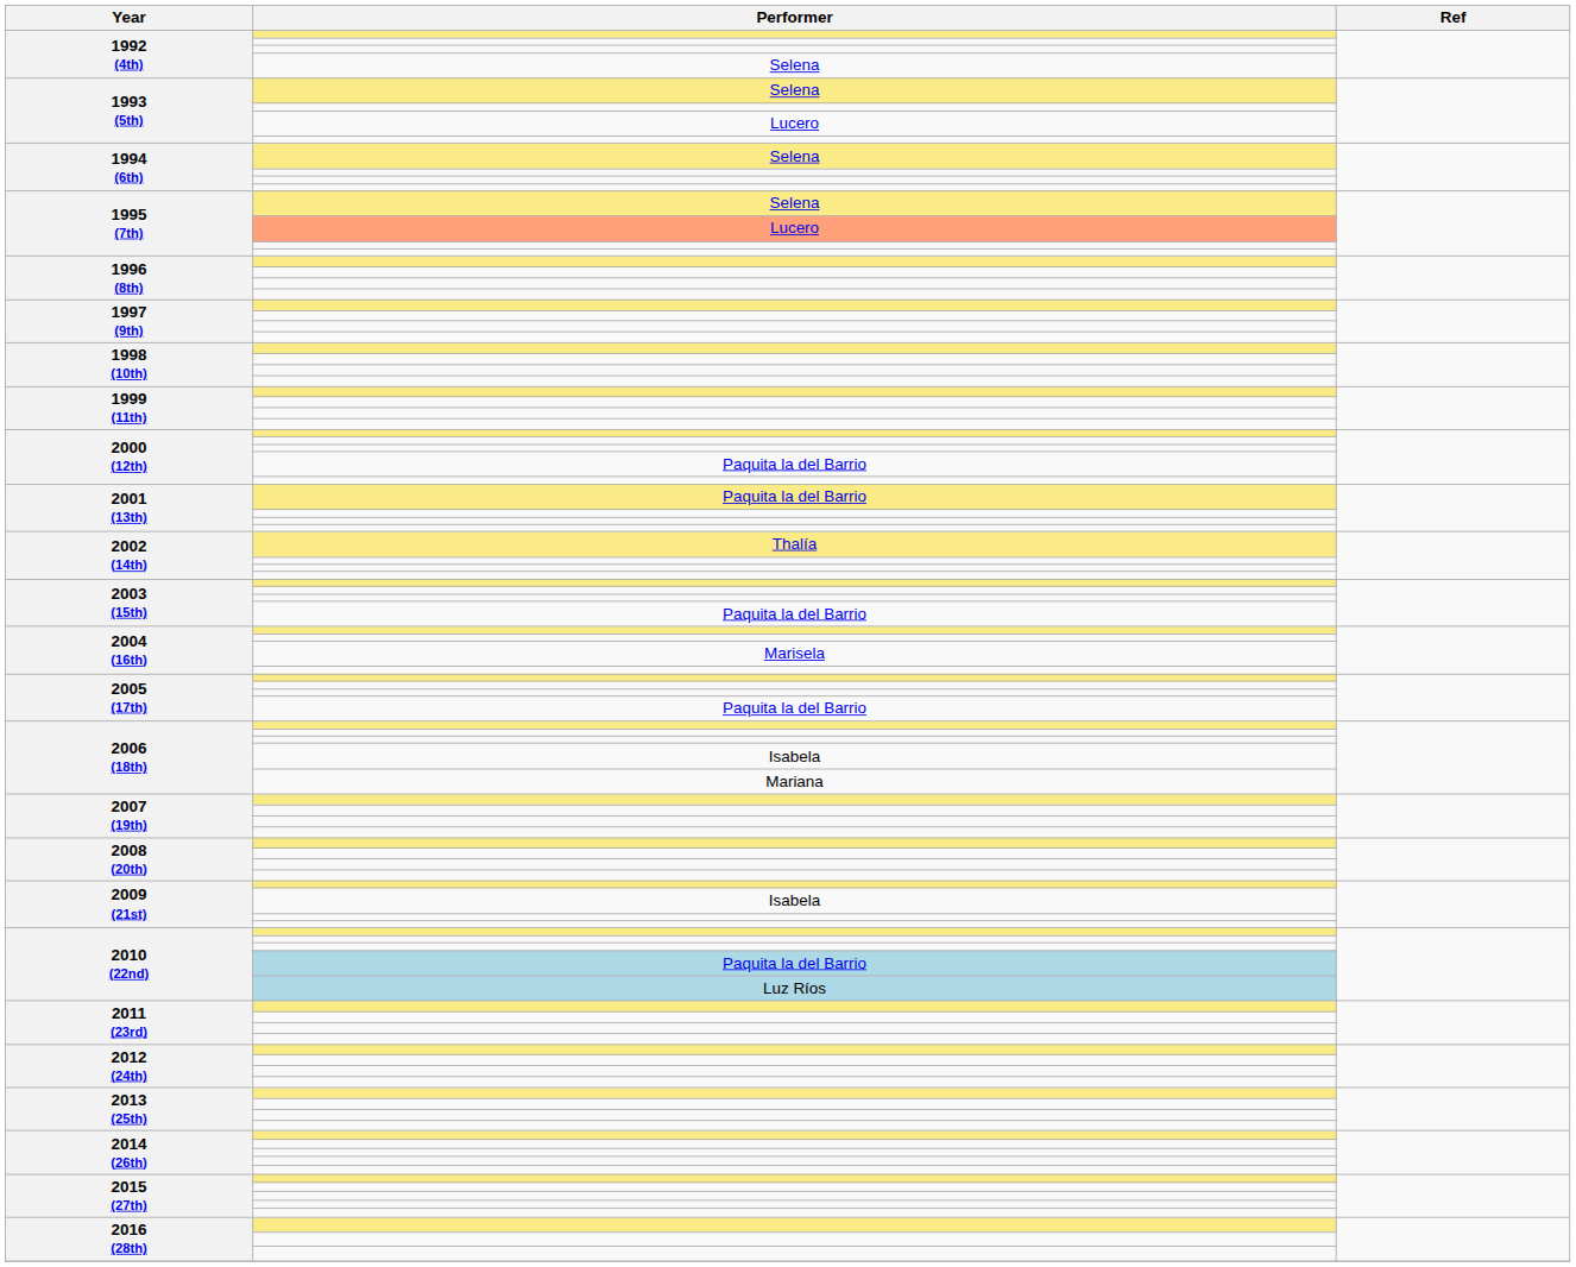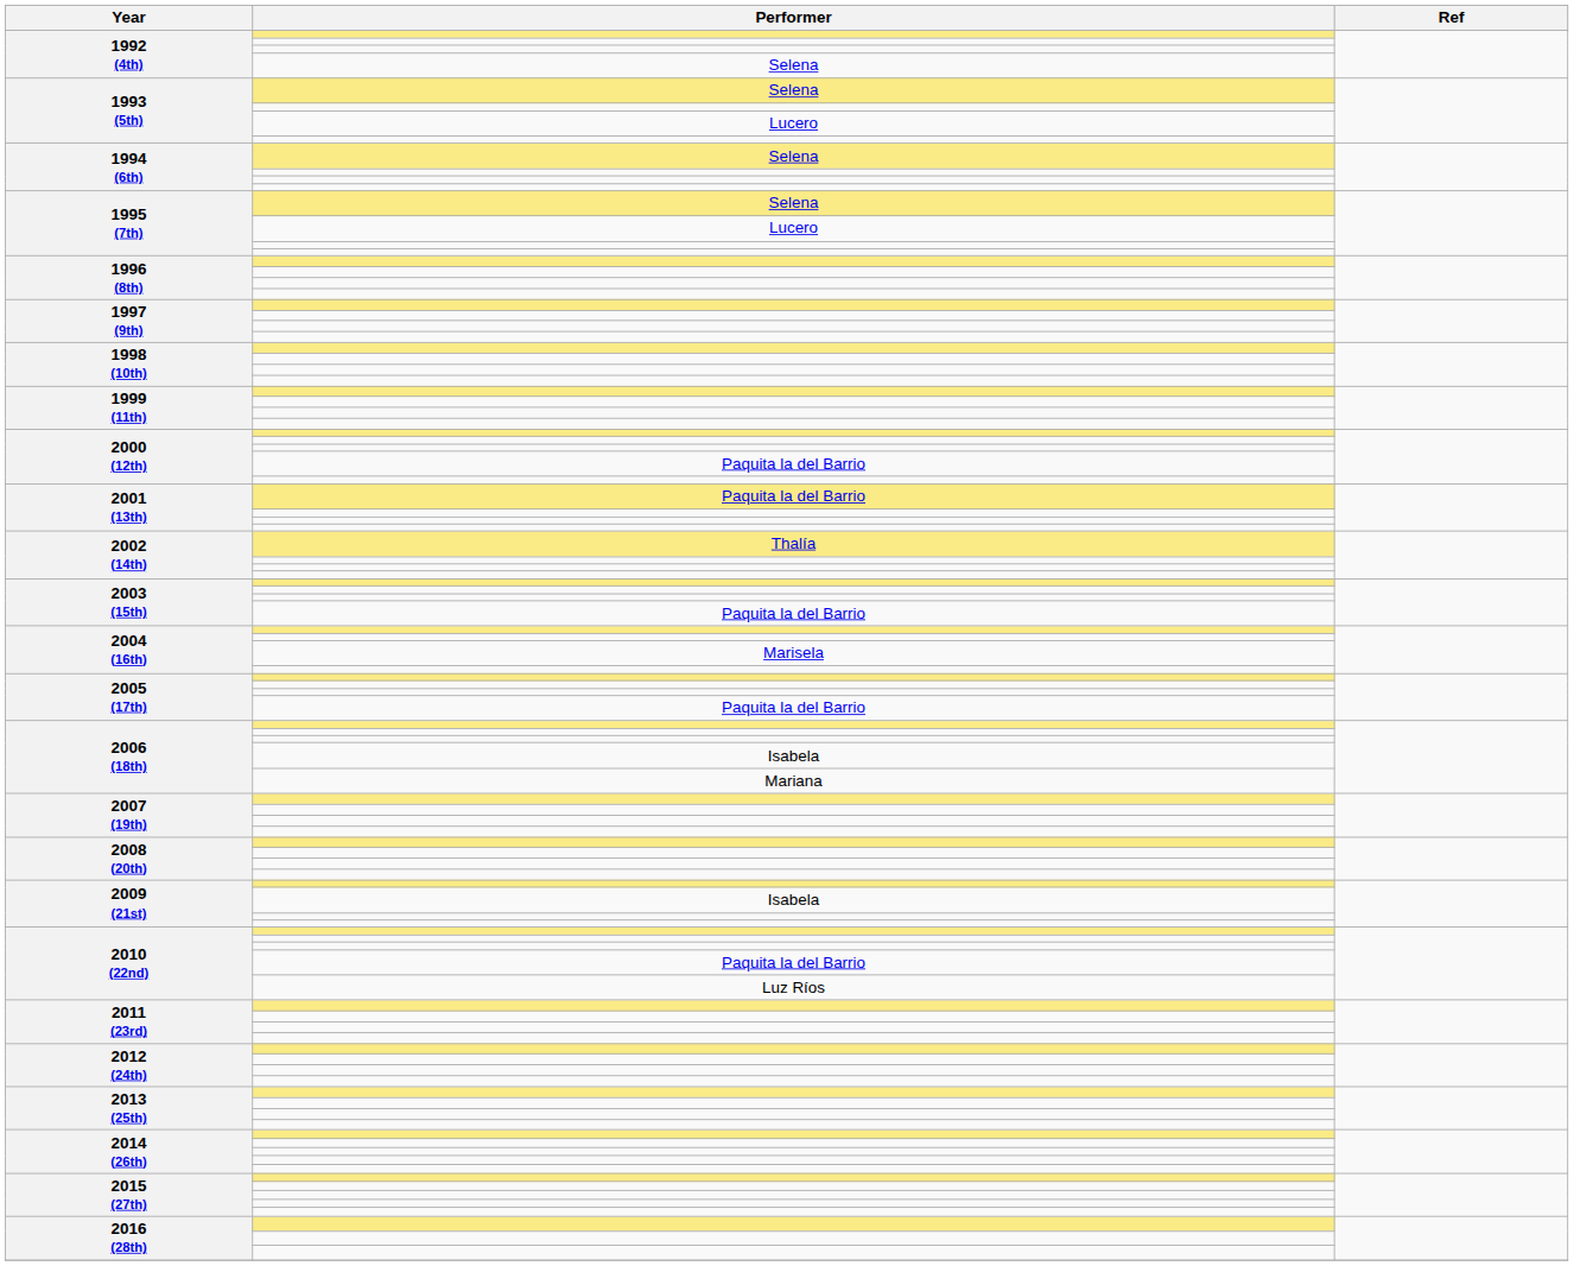 <table class="wikitable sortable" style="text-align:center;">
 <tr style="background:#bebebe;">
 <th scope="col" style="width:1%;">Year</th>
 <th scope="col" style="width:5%;">Performer</th>
 <th scope="col" style="width:1%;" class="unsortable">Ref</th>
 </tr>
 <tr>
 <th scope="row" rowspan=4>1992 <br><small><a href='#'>(4th)</a></small></th>
 <td style="background:#FAEB86"></td>
 <td rowspan=4></td>
 </tr>
 <tr>
 <td></td>
 </tr>
 <tr>
 <td></td>
 </tr>
 <tr>
 <td><a href='#'>Selena</a></td>
 </tr>
 <tr>
 <th scope="row" rowspan=4>1993 <br><small><a href='#'>(5th)</a></small></th>
 <td style="background:#FAEB86"><a href='#'>Selena</a></td>
 <td rowspan=4></td>
 </tr>
 <tr>
 <td></td>
 </tr>
 <tr>
 <td><a href='#'>Lucero</a></td>
 </tr>
 <tr>
 <td></td>
 </tr>
 <tr>
 <th scope="row" rowspan=4>1994 <br><small><a href='#'>(6th)</a></small></th>
 <td style="background:#FAEB86"><a href='#'>Selena</a></td>
 <td rowspan=4></td>
 </tr>
 <tr>
 <td></td>
 </tr>
 <tr>
 <td></td>
 </tr>
 <tr>
 <td></td>
 </tr>
 <tr>
 <th scope="row" rowspan=4>1995 <br><small><a href='#'>(7th)</a></small></th>
 <td style="background:#FAEB86"><a href='#'>Selena</a></td>
 <td rowspan=4></td>
 </tr>
 <tr>
-<td style="background: lightsalmon;"><a href='#'>Lucero</a></td>
+<td><a href='#'>Lucero</a></td>
 </tr>
 <tr>
 <td></td>
 </tr>
 <tr>
 <td></td>
 </tr>
 <tr>
 <th scope="row" rowspan=4>1996 <br><small><a href='#'>(8th)</a></small></th>
 <td style="background:#FAEB86"></td>
 <td rowspan=4></td>
 </tr>
 <tr>
 <td></td>
 </tr>
 <tr>
 <td></td>
 </tr>
 <tr>
 <td></td>
 </tr>
 <tr>
 <th scope="row" rowspan=4>1997 <br><small><a href='#'>(9th)</a></small></th>
 <td style="background:#FAEB86"></td>
 <td rowspan=4></td>
 </tr>
 <tr>
 <td></td>
 </tr>
 <tr>
 <td></td>
 </tr>
 <tr>
 <td></td>
 </tr>
 <tr>
 <th scope="row" rowspan=4>1998 <br><small><a href='#'>(10th)</a></small></th>
 <td style="background:#FAEB86"></td>
 <td rowspan=4></td>
 </tr>
 <tr>
 <td></td>
 </tr>
 <tr>
 <td></td>
 </tr>
 <tr>
 <td></td>
 </tr>
 <tr>
 <th scope="row" rowspan=4>1999 <br><small><a href='#'>(11th)</a></small></th>
 <td style="background:#FAEB86"></td>
 <td rowspan=4></td>
 </tr>
 <tr>
 <td></td>
 </tr>
 <tr>
 <td></td>
 </tr>
 <tr>
 <td></td>
 </tr>
 <tr>
 <th scope="row" rowspan=5>2000 <br><small><a href='#'>(12th)</a></small></th>
 <td style="background:#FAEB86"></td>
 <td rowspan=5></td>
 </tr>
 <tr>
 <td></td>
 </tr>
 <tr>
 <td></td>
 </tr>
 <tr>
 <td><a href='#'>Paquita la del Barrio</a></td>
 </tr>
 <tr>
 <td></td>
 </tr>
 <tr>
 <th scope="row" rowspan=4>2001 <br><small><a href='#'>(13th)</a></small></th>
 <td style="background:#FAEB86"><a href='#'>Paquita la del Barrio</a></td>
 <td rowspan=4></td>
 </tr>
 <tr>
 <td></td>
 </tr>
 <tr>
 <td></td>
 </tr>
 <tr>
 <td></td>
 </tr>
 <tr>
 <th scope="row" rowspan=4>2002 <br><small><a href='#'>(14th)</a></small></th>
 <td style="background:#FAEB86"><a href='#'>Thalía</a></td>
 <td rowspan=4></td>
 </tr>
 <tr>
 <td></td>
 </tr>
 <tr>
 <td></td>
 </tr>
 <tr>
 <td></td>
 </tr>
 <tr>
 <th scope="row" rowspan=4>2003 <br><small><a href='#'>(15th)</a></small></th>
 <td style="background:#FAEB86"></td>
 <td rowspan=4></td>
 </tr>
 <tr>
 <td></td>
 </tr>
 <tr>
 <td></td>
 </tr>
 <tr>
 <td><a href='#'>Paquita la del Barrio</a></td>
 </tr>
 <tr>
 <th scope="row" rowspan=4>2004 <br><small><a href='#'>(16th)</a></small></th>
 <td style="background:#FAEB86"></td>
 <td rowspan=4></td>
 </tr>
 <tr>
 <td></td>
 </tr>
 <tr>
 <td><a href='#'>Marisela</a></td>
 </tr>
 <tr>
 <td></td>
 </tr>
 <tr>
 <th scope="row" rowspan=4>2005 <br><small><a href='#'>(17th)</a></small></th>
 <td style="background:#FAEB86"></td>
 <td rowspan=4></td>
 </tr>
 <tr>
 <td></td>
 </tr>
 <tr>
 <td></td>
 </tr>
 <tr>
 <td><a href='#'>Paquita la del Barrio</a></td>
 </tr>
 <tr>
 <th scope="row" rowspan=5>2006 <br><small><a href='#'>(18th)</a></small></th>
 <td style="background:#FAEB86"></td>
 <td rowspan=5></td>
 </tr>
 <tr>
 <td></td>
 </tr>
 <tr>
 <td></td>
 </tr>
 <tr>
 <td>Isabela</td>
 </tr>
 <tr>
 <td>Mariana</td>
 </tr>
 <tr>
 <th scope="row" rowspan=4>2007 <br><small><a href='#'>(19th)</a></small></th>
 <td style="background:#FAEB86"></td>
 <td rowspan=4></td>
 </tr>
 <tr>
 <td></td>
 </tr>
 <tr>
 <td></td>
 </tr>
 <tr>
 <td></td>
 </tr>
 <tr>
 <th scope="row" rowspan=4>2008 <br><small><a href='#'>(20th)</a></small></th>
 <td style="background:#FAEB86"></td>
 <td rowspan=4></td>
 </tr>
 <tr>
 <td></td>
 </tr>
 <tr>
 <td></td>
 </tr>
 <tr>
 <td></td>
 </tr>
 <tr>
 <th scope="row" rowspan=4>2009 <br><small><a href='#'>(21st)</a></small></th>
 <td style="background:#FAEB86"></td>
 <td rowspan=4></td>
 </tr>
 <tr>
 <td>Isabela</td>
 </tr>
 <tr>
 <td></td>
 </tr>
 <tr>
 <td></td>
 </tr>
 <tr>
 <th scope="row" rowspan=5>2010 <br><small><a href='#'>(22nd)</a></small></th>
 <td style="background:#FAEB86"></td>
 <td rowspan=5></td>
 </tr>
 <tr>
 <td></td>
 </tr>
 <tr>
 <td></td>
 </tr>
 <tr>
-<td style="background: lightblue;"><a href='#'>Paquita la del Barrio</a></td>
+<td><a href='#'>Paquita la del Barrio</a></td>
 </tr>
 <tr>
-<td style="background: lightblue;">Luz Ríos</td>
+<td>Luz Ríos</td>
 </tr>
 <tr>
 <th scope="row" rowspan=4>2011 <br><small><a href='#'>(23rd)</a></small></th>
 <td style="background:#FAEB86"></td>
 <td rowspan=4></td>
 </tr>
 <tr>
 <td></td>
 </tr>
 <tr>
 <td></td>
 </tr>
 <tr>
 <td></td>
 </tr>
 <tr>
 <th scope="row" rowspan=4>2012 <br><small><a href='#'>(24th)</a></small></th>
 <td style="background:#FAEB86"></td>
 <td rowspan=4></td>
 </tr>
 <tr>
 <td></td>
 </tr>
 <tr>
 <td></td>
 </tr>
 <tr>
 <td></td>
 </tr>
 <tr>
 <th scope="row" rowspan=4>2013 <br><small><a href='#'>(25th)</a></small></th>
 <td style="background:#FAEB86"></td>
 <td rowspan=4></td>
 </tr>
 <tr>
 <td></td>
 </tr>
 <tr>
 <td></td>
 </tr>
 <tr>
 <td></td>
 </tr>
 <tr>
 <th scope="row" rowspan=5>2014 <br><small><a href='#'>(26th)</a></small></th>
 <td style="background:#FAEB86"></td>
 <td rowspan=5></td>
 </tr>
 <tr>
 <td></td>
 </tr>
 <tr>
 <td></td>
 </tr>
 <tr>
 <td></td>
 </tr>
 <tr>
 <td></td>
 </tr>
 <tr>
 <th scope="row" rowspan=5>2015 <br><small><a href='#'>(27th)</a></small></th>
 <td style="background:#FAEB86"></td>
 <td rowspan=5></td>
 </tr>
 <tr>
 <td></td>
 </tr>
 <tr>
 <td></td>
 </tr>
 <tr>
 <td></td>
 </tr>
 <tr>
 <td></td>
 </tr>
 <tr>
 <th scope="row" rowspan=3>2016 <br><small><a href='#'>(28th)</a></small></th>
 <td style="background:#FAEB86"></td>
 <td rowspan=3></td>
 </tr>
 <tr>
 <td></td>
 </tr>
 <tr>
 <td></td>
 </tr>
 <tr>
 </tr>
 </table>
